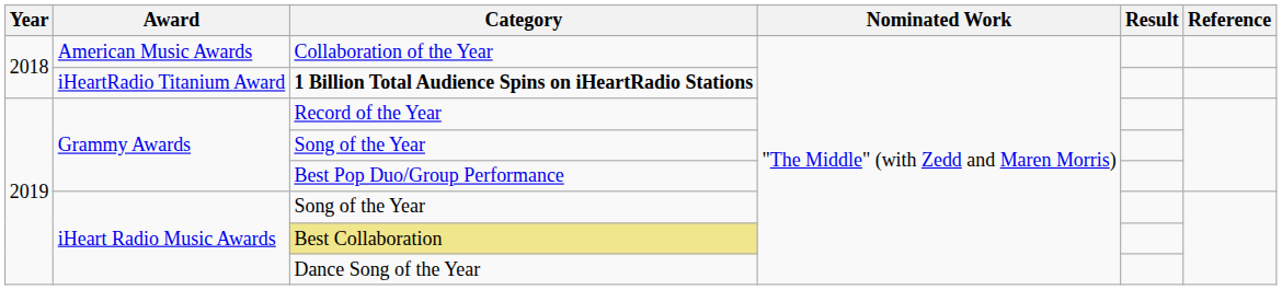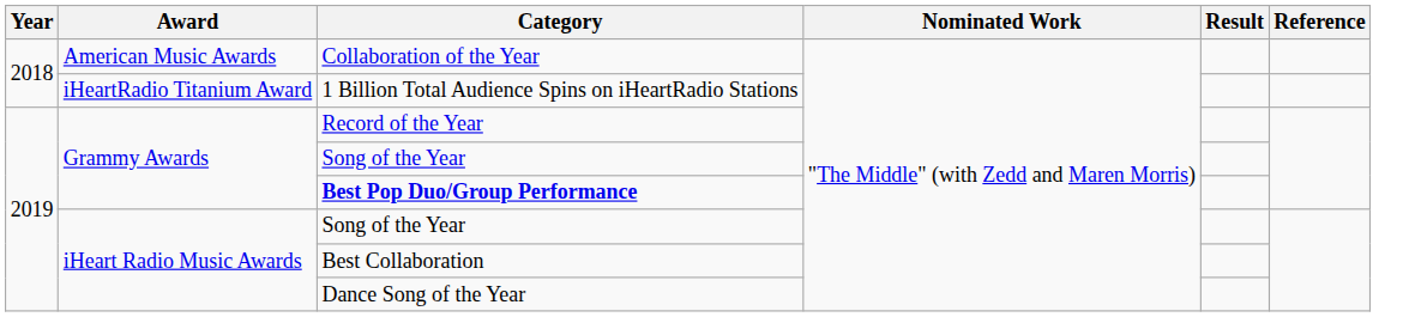 <table class="wikitable">
 <tr>
 <th scope="col">Year</th>
 <th scope="col">Award</th>
 <th>Category</th>
 <th scope="col">Nominated Work</th>
 <th scope="col">Result</th>
 <th scope="col">Reference</th>
 </tr>
 <tr>
 <td rowspan="2">2018</td>
 <td><a href='#'>American Music Awards</a></td>
 <td><a href='#'>Collaboration of the Year</a></td>
 <td rowspan="8">"<a href='#'>The Middle</a>" (with <a href='#'>Zedd</a> and <a href='#'>Maren Morris</a>)</td>
 <td></td>
 <td></td>
 </tr>
 <tr>
 <td><a href='#'>iHeartRadio Titanium Award</a></td>
-<td><strong>1 Billion Total Audience Spins on iHeartRadio Stations</strong></td>
+<td>1 Billion Total Audience Spins on iHeartRadio Stations</td>
 <td></td>
 <td></td>
 </tr>
 <tr>
 <td rowspan="6">2019</td>
 <td rowspan="3"><a href='#'>Grammy Awards</a></td>
 <td><a href='#'>Record of the Year</a></td>
 <td></td>
 <td rowspan="3"></td>
 </tr>
 <tr>
 <td><a href='#'>Song of the Year</a></td>
 <td></td>
 </tr>
 <tr>
-<td><a href='#'>Best Pop Duo/Group Performance</a></td>
+<td><strong><a href='#'>Best Pop Duo/Group Performance</a></strong></td>
 <td></td>
 </tr>
 <tr>
 <td rowspan="3"><a href='#'>iHeart Radio Music Awards</a></td>
 <td>Song of the Year</td>
 <td></td>
 <td rowspan="3"></td>
 </tr>
 <tr>
-<td style="background: khaki;">Best Collaboration</td>
+<td>Best Collaboration</td>
 <td></td>
 </tr>
 <tr>
 <td>Dance Song of the Year</td>
 <td></td>
 </tr>
 </table>
